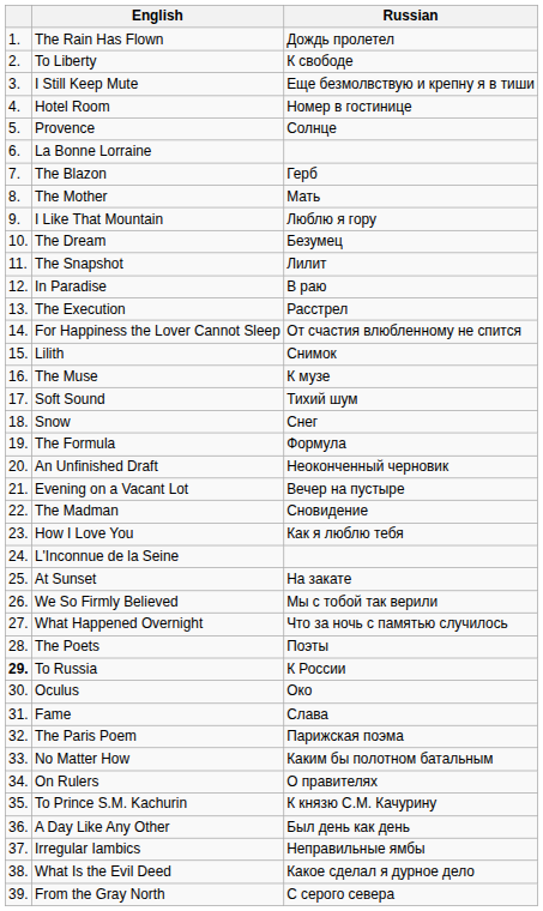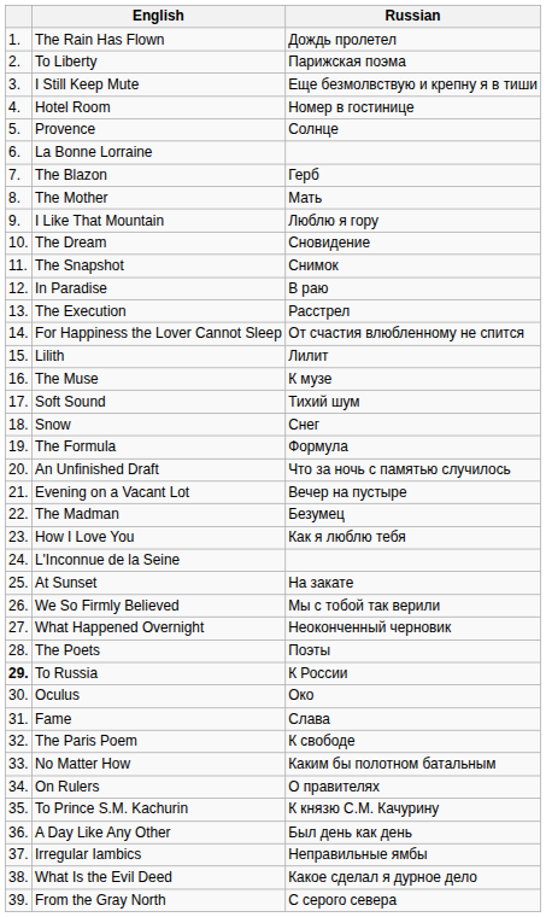 <table class="wikitable">
 <tr>
 <th></th>
 <th>English</th>
 <th>Russian</th>
 </tr>
 <tr>
 <td>1.</td>
 <td>The Rain Has Flown</td>
 <td>Дождь пролетел</td>
 </tr>
 <tr>
 <td>2.</td>
 <td>To Liberty</td>
-<td>К свободе</td>
+<td>Парижская поэма</td>
 </tr>
 <tr>
 <td>3.</td>
 <td>I Still Keep Mute</td>
 <td>Еще безмолвствую и крепну я в тиши</td>
 </tr>
 <tr>
 <td>4.</td>
 <td>Hotel Room</td>
 <td>Номер в гостинице</td>
 </tr>
 <tr>
 <td>5.</td>
 <td>Provence</td>
 <td>Солнце</td>
 </tr>
 <tr>
 <td>6.</td>
 <td>La Bonne Lorraine</td>
 </tr>
 <tr>
 <td>7.</td>
 <td>The Blazon</td>
 <td>Герб</td>
 </tr>
 <tr>
 <td>8.</td>
 <td>The Mother</td>
 <td>Мать</td>
 </tr>
 <tr>
 <td>9.</td>
 <td>I Like That Mountain</td>
 <td>Люблю я гору</td>
 </tr>
 <tr>
 <td>10.</td>
 <td>The Dream</td>
-<td>Безумец</td>
+<td>Сновидение</td>
 </tr>
 <tr>
 <td>11.</td>
 <td>The Snapshot</td>
-<td>Лилит</td>
+<td>Снимок</td>
 </tr>
 <tr>
 <td>12.</td>
 <td>In Paradise</td>
 <td>В раю</td>
 </tr>
 <tr>
 <td>13.</td>
 <td>The Execution</td>
 <td>Расстрел</td>
 </tr>
 <tr>
 <td>14.</td>
 <td>For Happiness the Lover Cannot Sleep</td>
 <td>От счастия влюбленному не спится</td>
 </tr>
 <tr>
 <td>15.</td>
 <td>Lilith</td>
-<td>Снимок</td>
+<td>Лилит</td>
 </tr>
 <tr>
 <td>16.</td>
 <td>The Muse</td>
 <td>К музе</td>
 </tr>
 <tr>
 <td>17.</td>
 <td>Soft Sound</td>
 <td>Тихий шум</td>
 </tr>
 <tr>
 <td>18.</td>
 <td>Snow</td>
 <td>Снег</td>
 </tr>
 <tr>
 <td>19.</td>
 <td>The Formula</td>
 <td>Формула</td>
 </tr>
 <tr>
 <td>20.</td>
 <td>An Unfinished Draft</td>
-<td>Неоконченный черновик</td>
+<td>Что за ночь с памятью случилось</td>
 </tr>
 <tr>
 <td>21.</td>
 <td>Evening on a Vacant Lot</td>
 <td>Вечер на пустыре</td>
 </tr>
 <tr>
 <td>22.</td>
 <td>The Madman</td>
-<td>Сновидение</td>
+<td>Безумец</td>
 </tr>
 <tr>
 <td>23.</td>
 <td>How I Love You</td>
 <td>Как я люблю тебя</td>
 </tr>
 <tr>
 <td>24.</td>
 <td>L'Inconnue de la Seine</td>
 </tr>
 <tr>
 <td>25.</td>
 <td>At Sunset</td>
 <td>На закате</td>
 </tr>
 <tr>
 <td>26.</td>
 <td>We So Firmly Believed</td>
 <td>Мы с тобой так верили</td>
 </tr>
 <tr>
 <td>27.</td>
 <td>What Happened Overnight</td>
-<td>Что за ночь с памятью случилось</td>
+<td>Неоконченный черновик</td>
 </tr>
 <tr>
 <td>28.</td>
 <td>The Poets</td>
 <td>Поэты</td>
 </tr>
 <tr>
 <td><strong>29.</strong></td>
 <td>To Russia</td>
 <td>К России</td>
 </tr>
 <tr>
 <td>30.</td>
 <td>Oculus</td>
 <td>Око</td>
 </tr>
 <tr>
 <td>31.</td>
 <td>Fame</td>
 <td>Слава</td>
 </tr>
 <tr>
 <td>32.</td>
 <td>The Paris Poem</td>
-<td>Парижская поэма</td>
+<td>К свободе</td>
 </tr>
 <tr>
 <td>33.</td>
 <td>No Matter How</td>
 <td>Каким бы полотном батальным</td>
 </tr>
 <tr>
 <td>34.</td>
 <td>On Rulers</td>
 <td>О правителях</td>
 </tr>
 <tr>
 <td>35.</td>
 <td>To Prince S.M. Kachurin</td>
 <td>К князю С.М. Качурину</td>
 </tr>
 <tr>
 <td>36.</td>
 <td>A Day Like Any Other</td>
 <td>Был день как день</td>
 </tr>
 <tr>
 <td>37.</td>
 <td>Irregular Iambics</td>
 <td>Неправильные ямбы</td>
 </tr>
 <tr>
 <td>38.</td>
 <td>What Is the Evil Deed</td>
 <td>Какое сделал я дурное дело</td>
 </tr>
 <tr>
 <td>39.</td>
 <td>From the Gray North</td>
 <td>С серого севера</td>
 </tr>
 </table>
